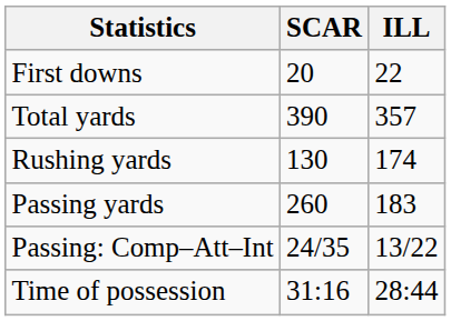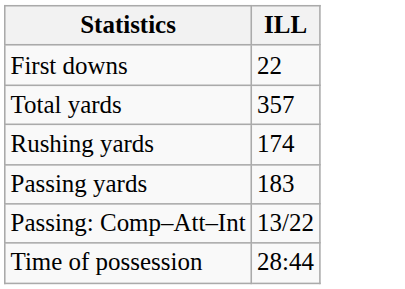 <table class="wikitable" style="float: left;">
 <tr>
 <th>Statistics</th>
-<th>SCAR</th>
 <th>ILL</th>
 </tr>
 <tr>
 <td>First downs</td>
-<td>20</td>
 <td>22</td>
 </tr>
 <tr>
 <td>Total yards</td>
-<td>390</td>
 <td>357</td>
 </tr>
 <tr>
 <td>Rushing yards</td>
-<td>130</td>
 <td>174</td>
 </tr>
 <tr>
 <td>Passing yards</td>
-<td>260</td>
 <td>183</td>
 </tr>
 <tr>
 <td>Passing: Comp–Att–Int</td>
-<td>24/35</td>
 <td>13/22</td>
 </tr>
 <tr>
 <td>Time of possession</td>
-<td>31:16</td>
 <td>28:44</td>
 </tr>
 </table>
